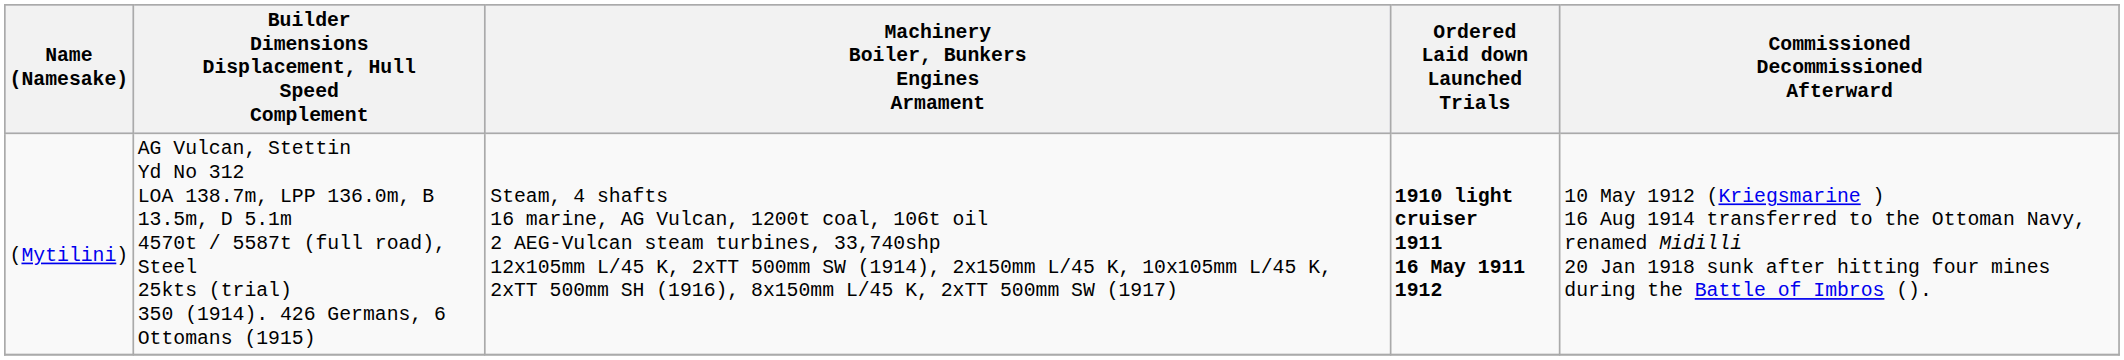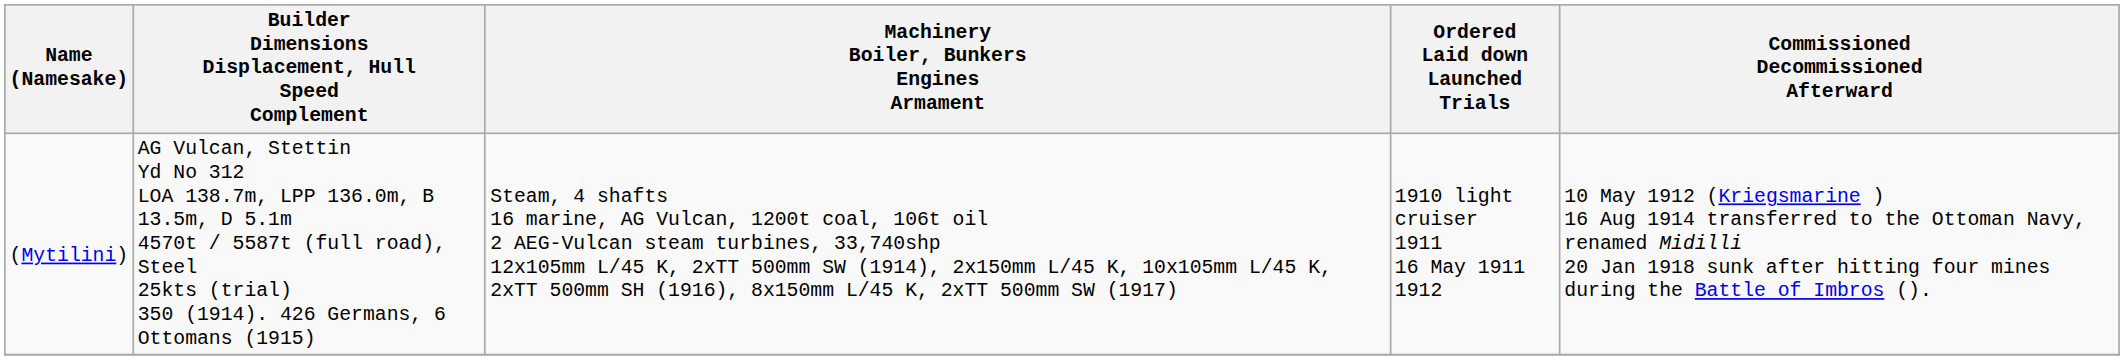 <table class="wikitable" style="font-size:90%;">
 <tr bgcolor="#e6e9ff">
 <th>Name<br>(Namesake)</th>
 <th>Builder<br>Dimensions<br>Displacement, Hull<br>Speed<br>Complement</th>
 <th>Machinery<br>Boiler, Bunkers<br>Engines<br>Armament</th>
 <th>Ordered<br>Laid down<br>Launched<br>Trials</th>
 <th>Commissioned<br>Decommissioned<br>Afterward</th>
 </tr>
 <tr ---->
 <td><br>(<a href='#'>Mytilini</a>)</td>
 <td> AG Vulcan, Stettin<br>Yd No 312<br>LOA 138.7m, LPP 136.0m, B 13.5m, D 5.1m<br>4570t / 5587t (full road), Steel<br>25kts (trial)<br>350 (1914). 426 Germans, 6 Ottomans (1915)</td>
 <td>Steam, 4 shafts<br>16 marine, AG Vulcan, 1200t coal, 106t oil<br>2 AEG-Vulcan steam turbines, 33,740shp<br>12x105mm L/45 K, 2xTT 500mm SW (1914), 2x150mm L/45 K, 10x105mm L/45 K, 2xTT 500mm SH (1916), 8x150mm L/45 K, 2xTT 500mm SW (1917)</td>
-<td><strong>1910  light cruiser<br>1911<br>16 May 1911<br>1912</strong></td>
+<td>1910  light cruiser<br>1911<br>16 May 1911<br>1912</td>
 <td>10 May 1912 (<a href='#'>Kriegsmarine</a>  )<br>16 Aug 1914 transferred to the Ottoman Navy, renamed <em>Midilli</em><br>20 Jan 1918 sunk after hitting four mines during the <a href='#'>Battle of Imbros</a> ().</td>
 </tr>
 <tr ---->
 </tr>
 </table>
